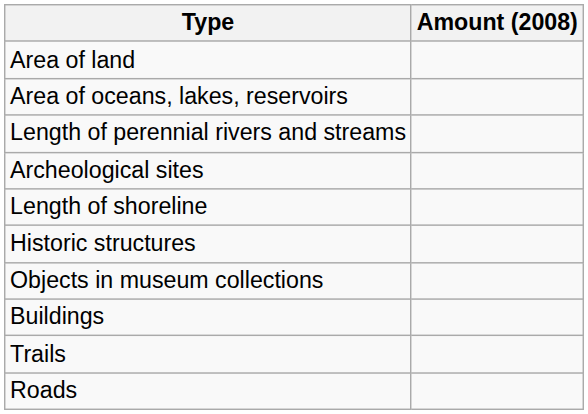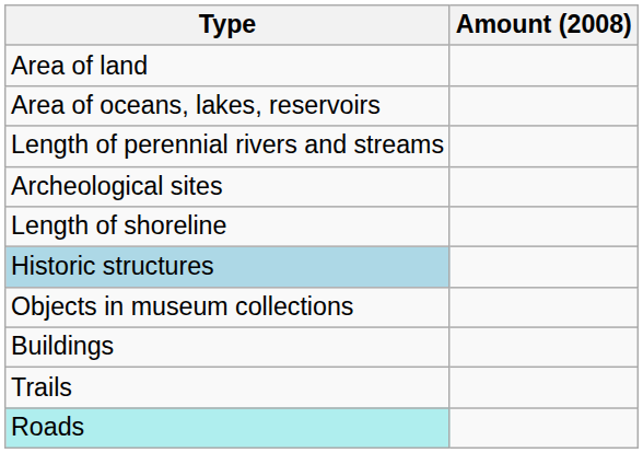 <table class="wikitable">
 <tr>
 <th>Type</th>
 <th colspan="2">Amount (2008)</th>
 </tr>
 <tr>
 <td>Area of land</td>
 <td></td>
 </tr>
 <tr>
 <td>Area of oceans, lakes, reservoirs</td>
 <td></td>
 </tr>
 <tr>
 <td>Length of perennial rivers and streams</td>
 <td></td>
 </tr>
 <tr>
 <td>Archeological sites</td>
 <td colspan="2"></td>
 </tr>
 <tr>
 <td>Length of shoreline</td>
 <td></td>
 </tr>
 <tr>
-<td>Historic structures</td>
+<td style="background: lightblue;">Historic structures</td>
 <td colspan="2"></td>
 </tr>
 <tr>
 <td>Objects in museum collections</td>
 <td colspan="2"></td>
 </tr>
 <tr>
 <td>Buildings</td>
 <td colspan="2"></td>
 </tr>
 <tr>
 <td>Trails</td>
 <td></td>
 </tr>
 <tr>
-<td>Roads</td>
+<td style="background: paleturquoise;">Roads</td>
 <td></td>
 </tr>
 </table>
